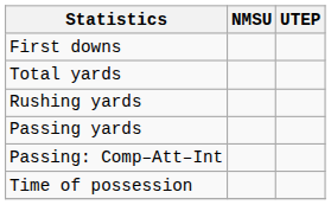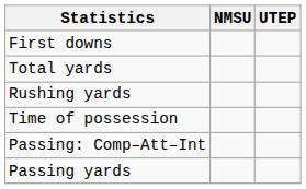 <table class="wikitable" style="float: left;">
 <tr>
 <th>Statistics</th>
 <th>NMSU</th>
 <th>UTEP</th>
 </tr>
 <tr>
 <td>First downs</td>
 <td></td>
 <td></td>
 </tr>
 <tr>
 <td>Total yards</td>
 <td></td>
 <td></td>
 </tr>
 <tr>
 <td>Rushing yards</td>
 <td></td>
 <td></td>
 </tr>
 <tr>
-<td>Passing yards</td>
+<td>Time of possession</td>
 <td></td>
 <td></td>
 </tr>
 <tr>
 <td>Passing: Comp–Att–Int</td>
 <td></td>
 <td></td>
 </tr>
 <tr>
-<td>Time of possession</td>
+<td>Passing yards</td>
 <td></td>
 <td></td>
 </tr>
 <tr>
 </tr>
 </table>
